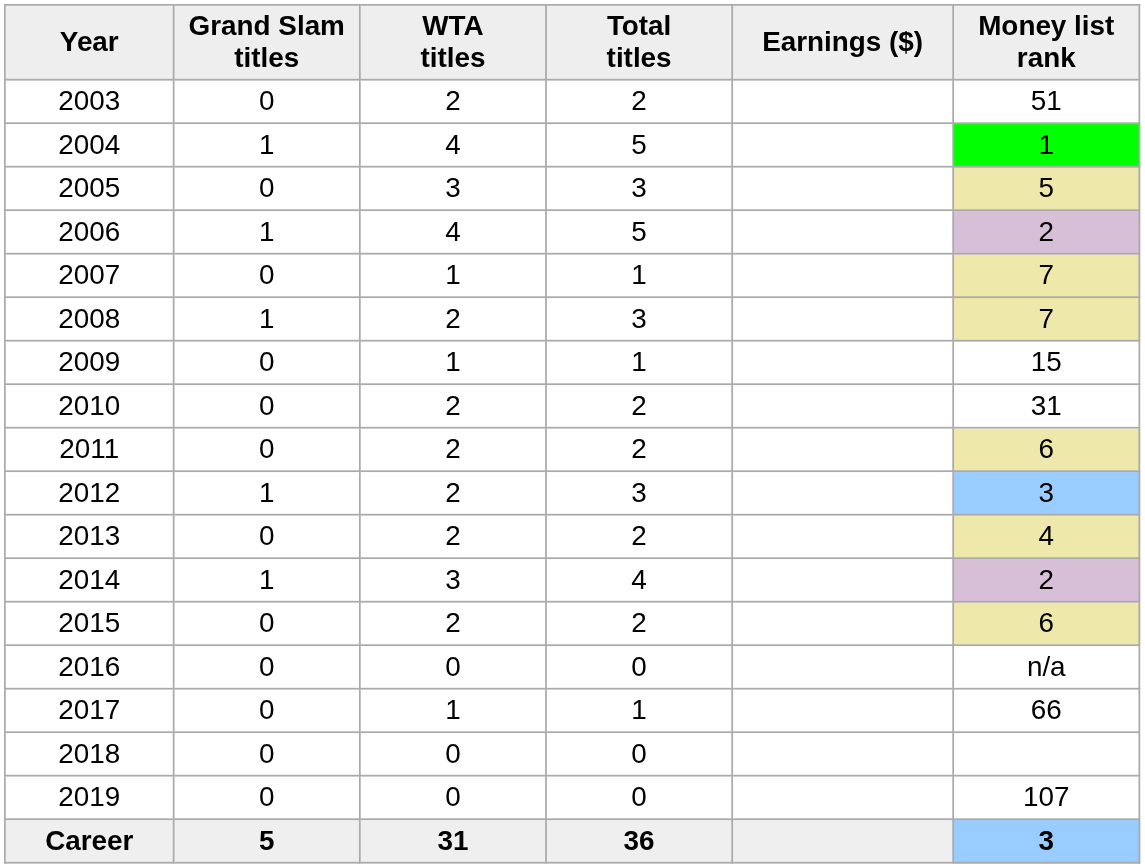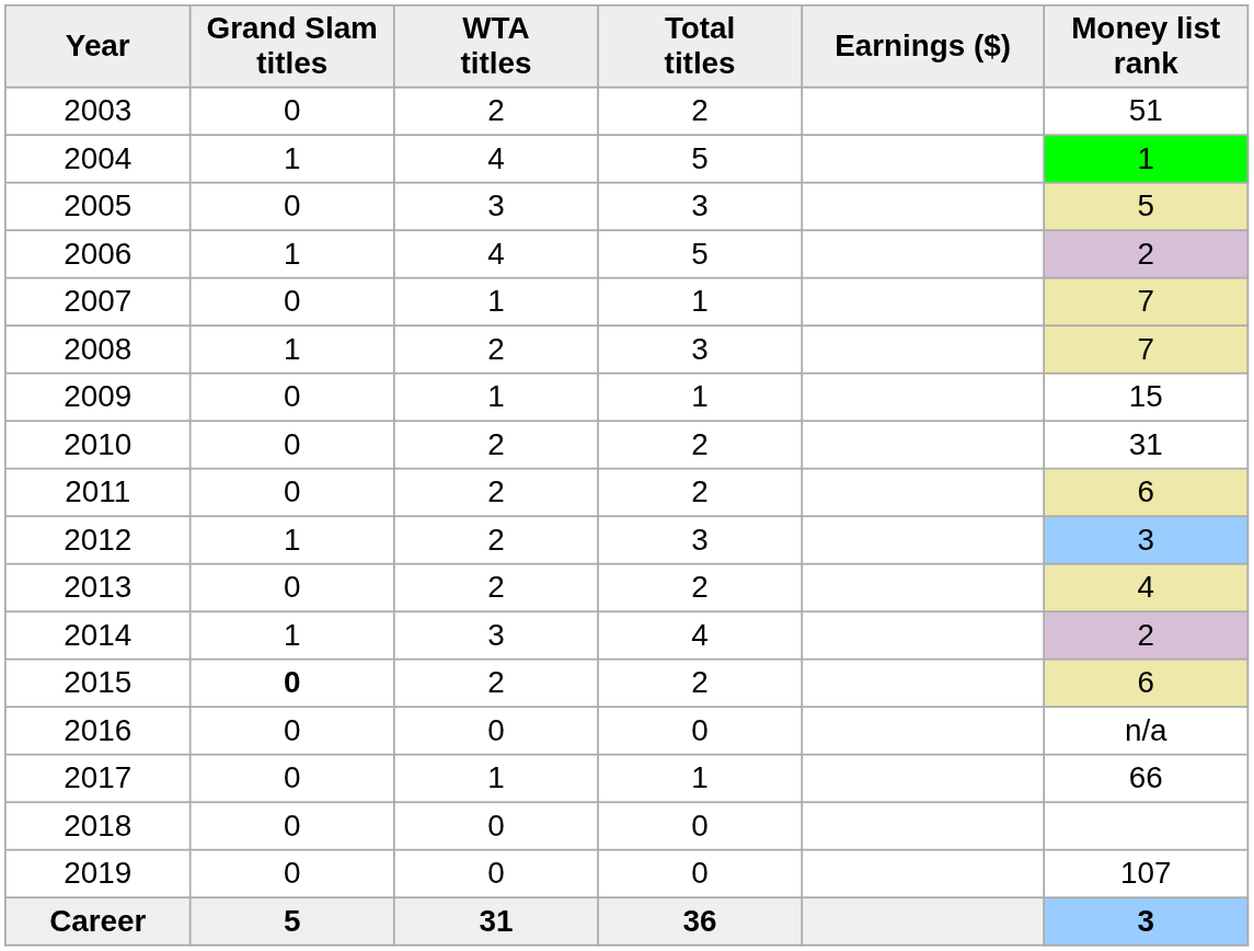 <table cellpadding=3 cellspacing=0 border=1 style=border:#aaa;solid:1px;border-collapse:collapse;text-align:center;>
 <tr style=background:#eee;font-weight:bold>
 <td width="90">Year</td>
 <td width="100">Grand Slam <br>titles</td>
 <td width="100">WTA <br>titles</td>
 <td width="100">Total <br>titles</td>
 <td width="120">Earnings ($)</td>
 <td width="100">Money list rank</td>
 </tr>
 <tr>
 <td>2003</td>
 <td>0</td>
 <td>2</td>
 <td>2</td>
 <td align=right></td>
 <td>51</td>
 </tr>
 <tr>
 <td>2004</td>
 <td>1</td>
 <td>4</td>
 <td>5</td>
 <td align=right></td>
 <td bgcolor=lime>1</td>
 </tr>
 <tr>
 <td>2005</td>
 <td>0</td>
 <td>3</td>
 <td>3</td>
 <td align=right></td>
 <td bgcolor=eee8aa>5</td>
 </tr>
 <tr>
 <td>2006</td>
 <td>1</td>
 <td>4</td>
 <td>5</td>
 <td align=right></td>
 <td bgcolor=thistle>2</td>
 </tr>
 <tr>
 <td>2007</td>
 <td>0</td>
 <td>1</td>
 <td>1</td>
 <td align=right></td>
 <td bgcolor=eee8aa>7</td>
 </tr>
 <tr>
 <td>2008</td>
 <td>1</td>
 <td>2</td>
 <td>3</td>
 <td align=right></td>
 <td bgcolor=eee8aa>7</td>
 </tr>
 <tr>
 <td>2009</td>
 <td>0</td>
 <td>1</td>
 <td>1</td>
 <td align=right></td>
 <td>15</td>
 </tr>
 <tr>
 <td>2010</td>
 <td>0</td>
 <td>2</td>
 <td>2</td>
 <td align=right></td>
 <td>31</td>
 </tr>
 <tr>
 <td>2011</td>
 <td>0</td>
 <td>2</td>
 <td>2</td>
 <td align=right></td>
 <td bgcolor=eee8aa>6</td>
 </tr>
 <tr>
 <td>2012</td>
 <td>1</td>
 <td>2</td>
 <td>3</td>
 <td align=right></td>
 <td bgcolor=99ccff>3</td>
 </tr>
 <tr>
 <td>2013</td>
 <td>0</td>
 <td>2</td>
 <td>2</td>
 <td align=right></td>
 <td bgcolor=eee8aa>4</td>
 </tr>
 <tr>
 <td>2014</td>
 <td>1</td>
 <td>3</td>
 <td>4</td>
 <td align=right></td>
 <td bgcolor=thistle>2</td>
 </tr>
 <tr>
 <td>2015</td>
-<td>0</td>
+<td><strong>0</strong></td>
 <td>2</td>
 <td>2</td>
 <td align=right></td>
 <td bgcolor=eee8aa>6</td>
 </tr>
 <tr>
 <td>2016</td>
 <td>0</td>
 <td>0</td>
 <td>0</td>
 <td align=right></td>
 <td>n/a</td>
 </tr>
 <tr>
 <td>2017</td>
 <td>0</td>
 <td>1</td>
 <td>1</td>
 <td align=right></td>
 <td>66</td>
 </tr>
 <tr>
 <td>2018</td>
 <td>0</td>
 <td>0</td>
 <td>0</td>
 <td align=right></td>
 <td></td>
 </tr>
 <tr>
 <td>2019</td>
 <td>0</td>
 <td>0</td>
 <td>0</td>
 <td align=right></td>
 <td>107</td>
 </tr>
 <tr style=background:#efefef;font-weight:bold>
 <td>Career</td>
 <td>5</td>
 <td>31</td>
 <td>36</td>
 <td align=right></td>
 <td bgcolor=99ccff>3</td>
 </tr>
 </table>
